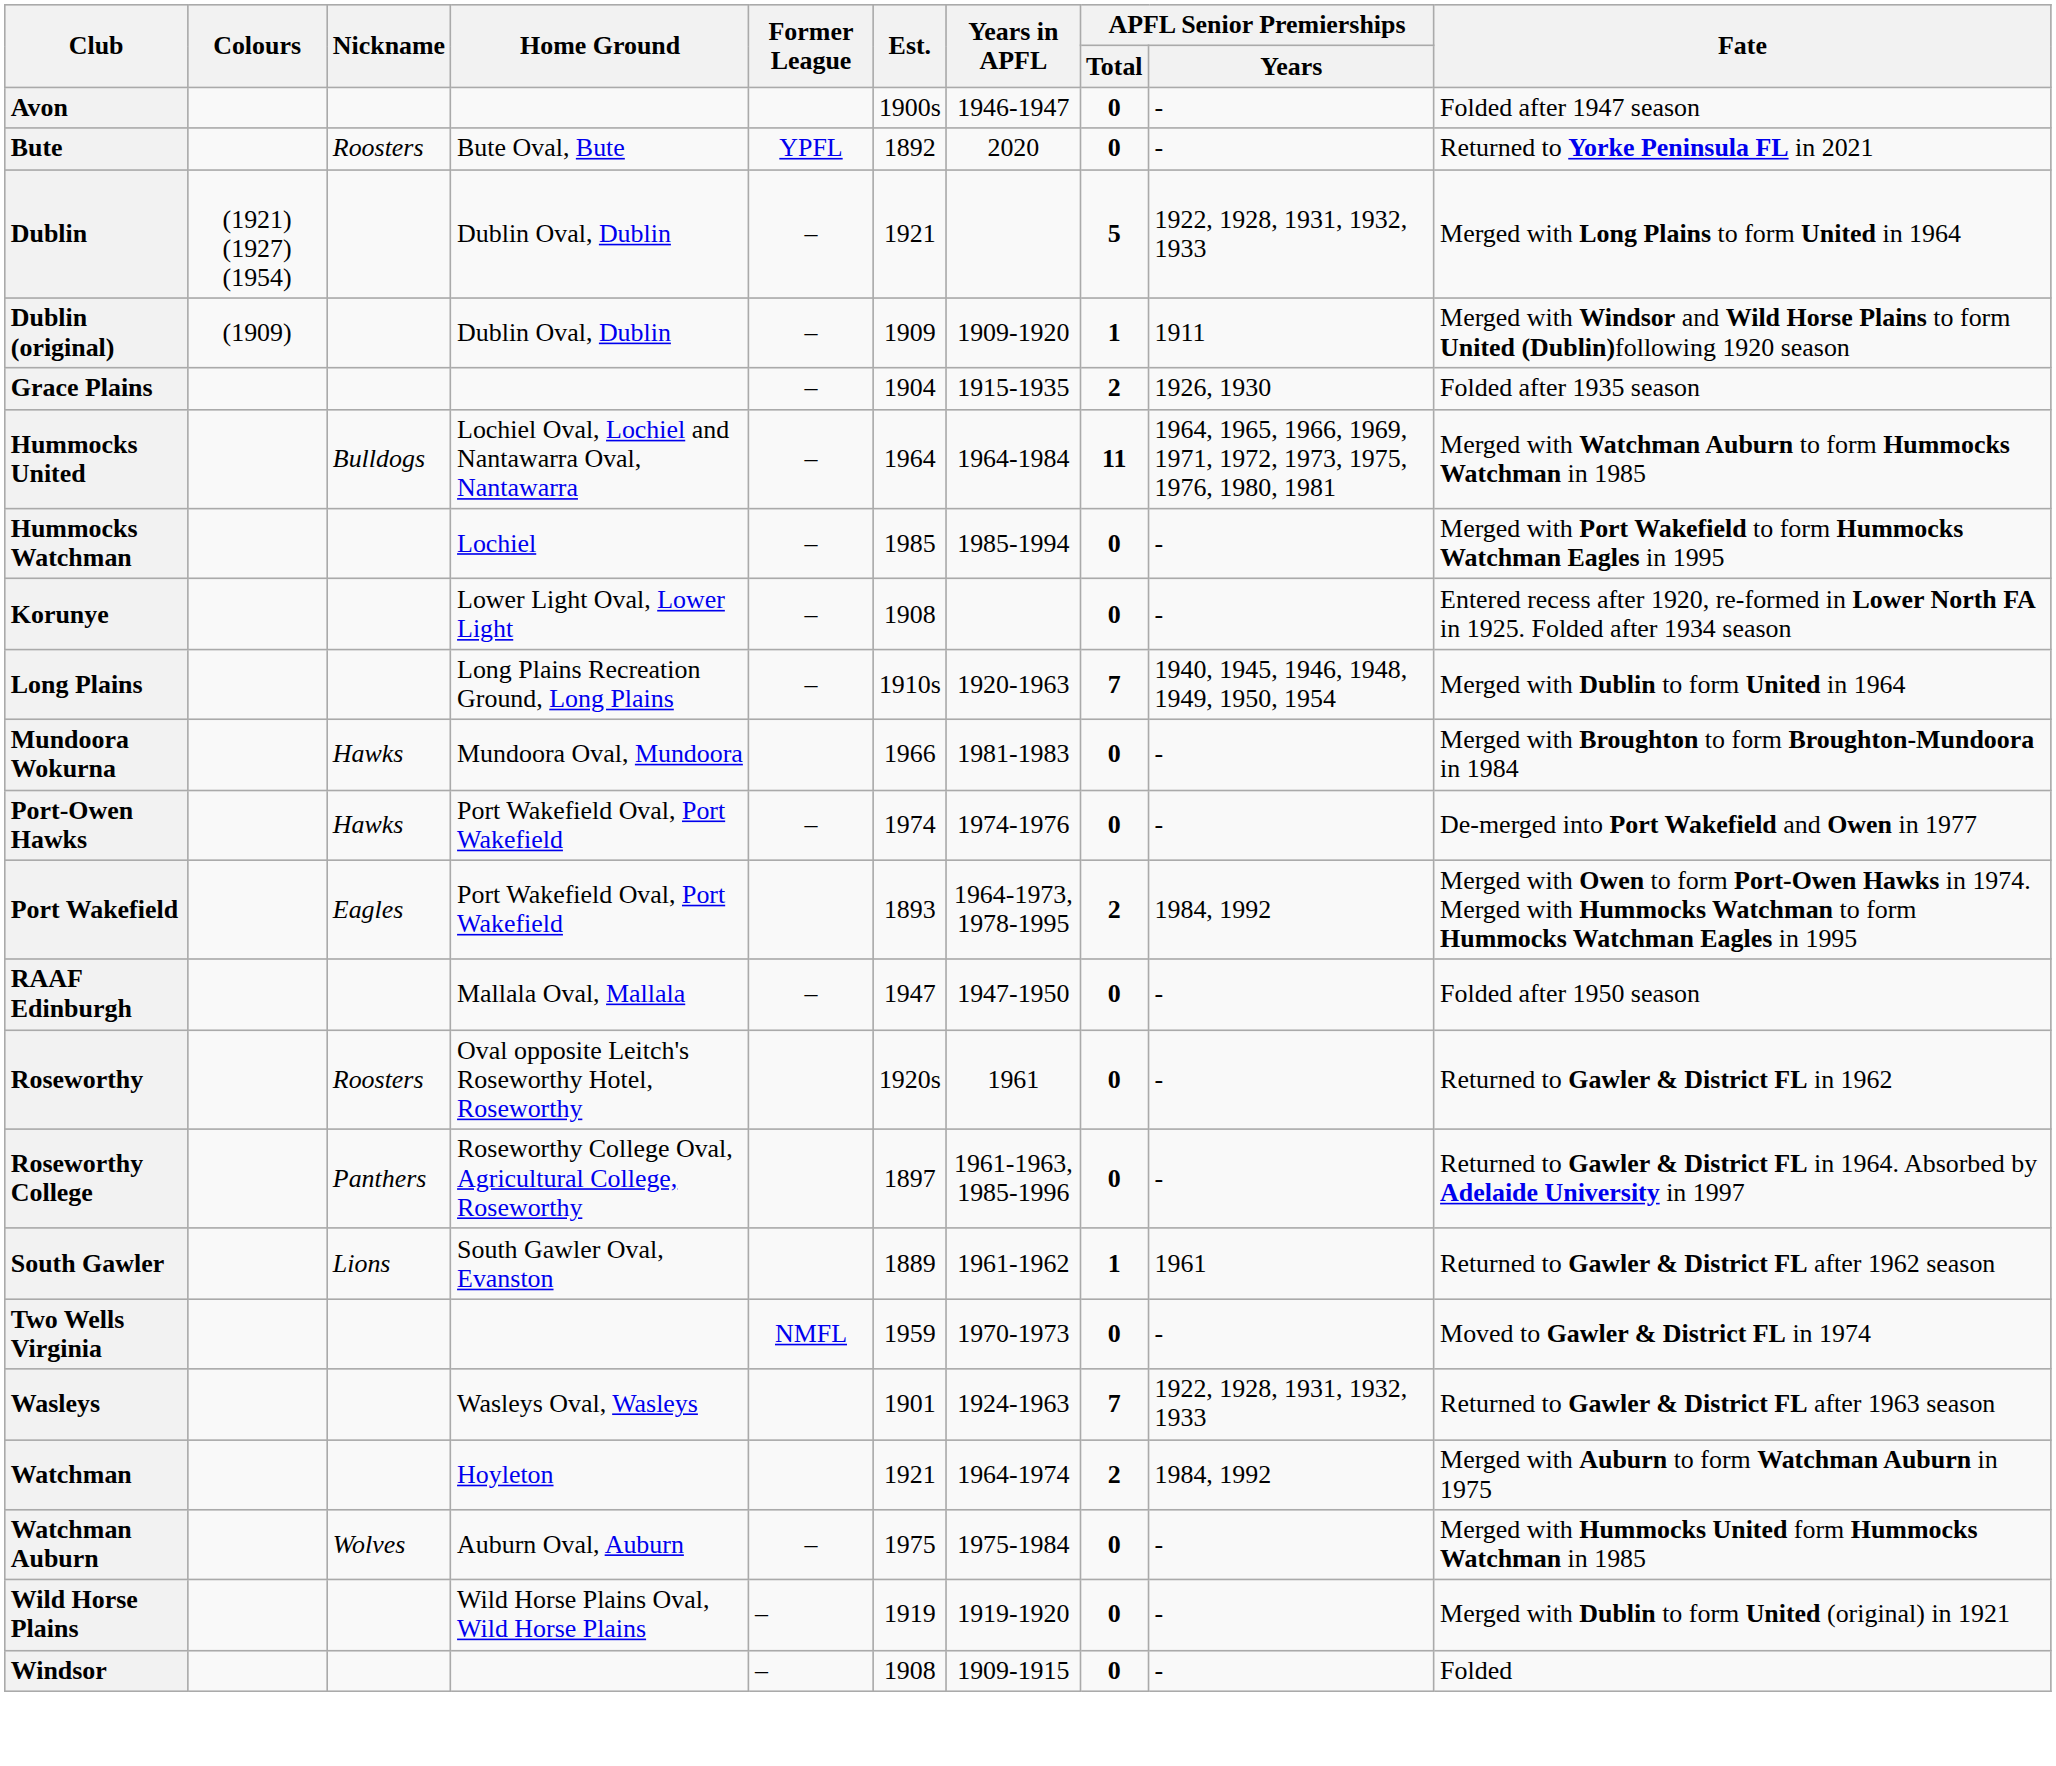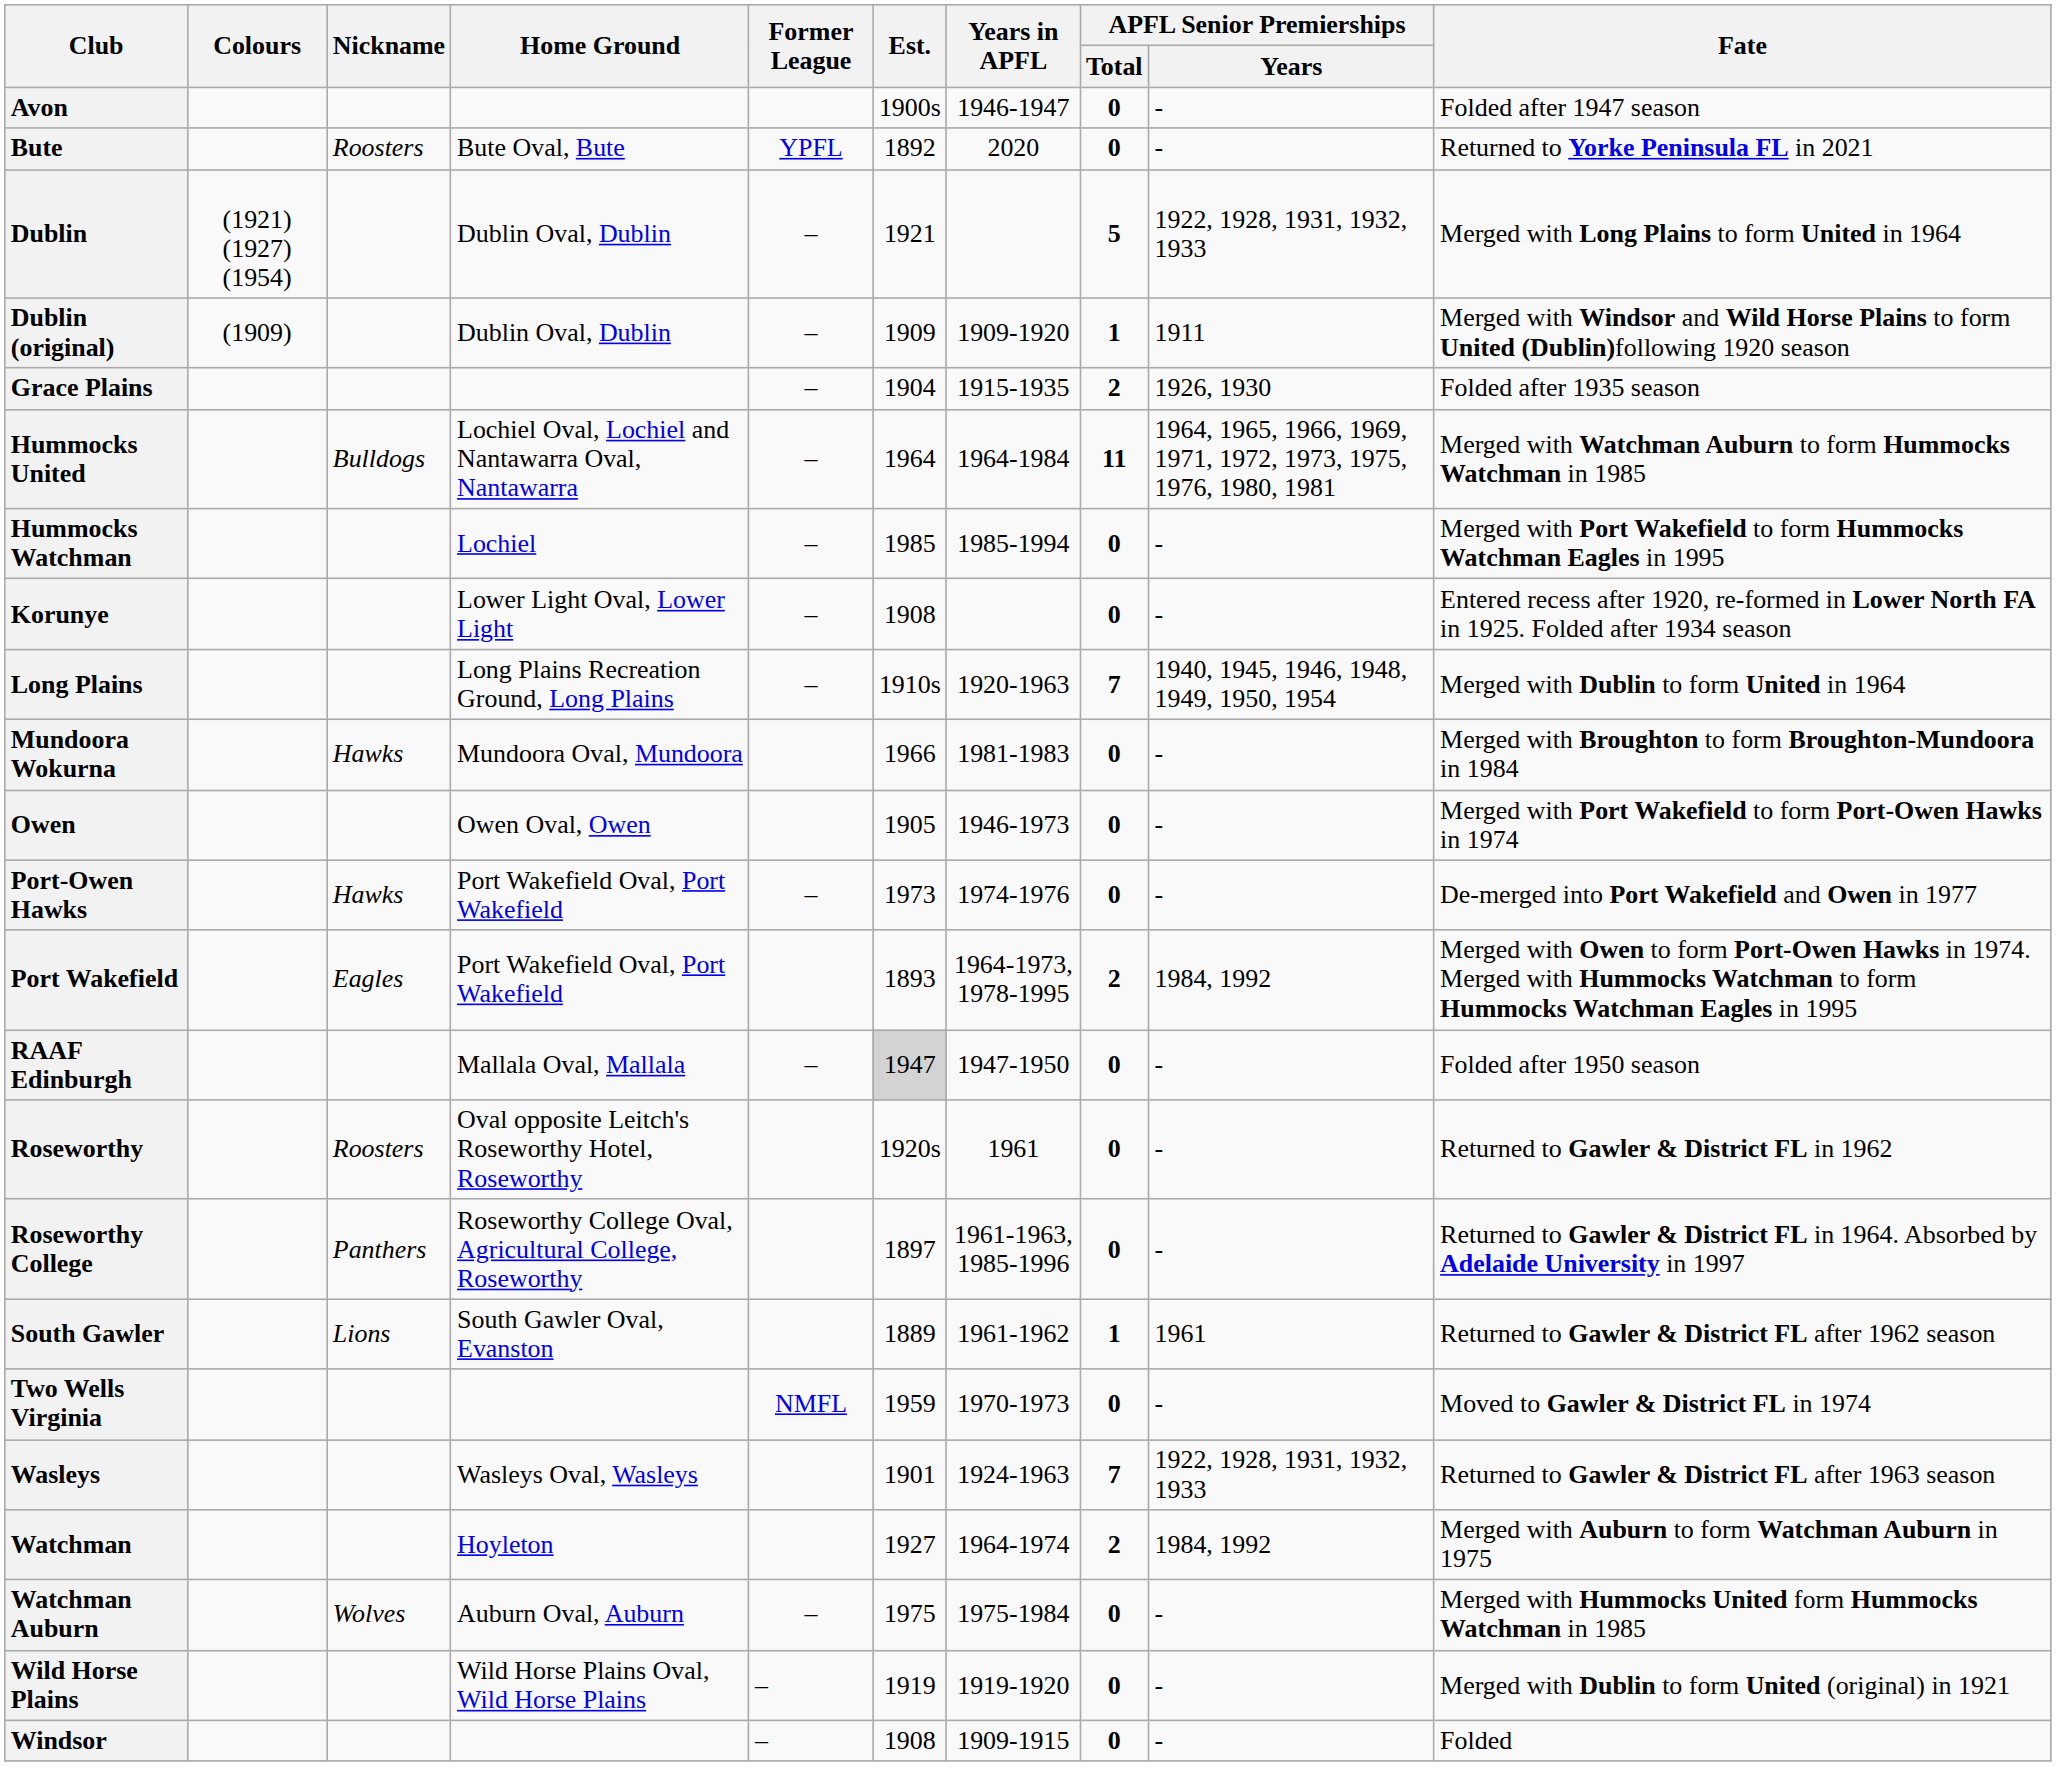 <table class="wikitable sortable" style="width:100%">
 <tr>
 <th rowspan="2">Club</th>
 <th rowspan="2">Colours</th>
 <th rowspan="2">Nickname</th>
 <th rowspan="2">Home Ground</th>
 <th rowspan="2">Former League</th>
 <th rowspan="2">Est.</th>
 <th rowspan="2">Years in APFL</th>
 <th colspan="2">APFL Senior Premierships</th>
 <th rowspan="2">Fate</th>
 </tr>
 <tr>
 <th>Total</th>
 <th>Years</th>
 </tr>
 <tr>
 <th style="text-align:left">Avon</th>
 <td align="center"></td>
 <td></td>
 <td></td>
 <td align="center"></td>
 <td align="center">1900s</td>
 <td align="center">1946-1947</td>
 <td align="center"><strong>0</strong></td>
 <td>-</td>
 <td>Folded after 1947 season</td>
 </tr>
 <tr>
 <th style="text-align:left">Bute</th>
 <td></td>
 <td><em>Roosters</em></td>
 <td>Bute Oval, <a href='#'>Bute</a></td>
 <td align="center"><a href='#'>YPFL</a></td>
 <td align="center">1892</td>
 <td align="center">2020</td>
 <td align="center"><strong>0</strong></td>
 <td>-</td>
 <td>Returned to <a href='#'><strong>Yorke Peninsula FL</strong></a> in 2021</td>
 </tr>
 <tr>
 <th style="text-align:left">Dublin</th>
 <td align="center"><br>(1921)(1927)  (1954)</td>
 <td></td>
 <td>Dublin Oval, <a href='#'>Dublin</a></td>
 <td align="center">–</td>
 <td align="center">1921</td>
 <td align="center"></td>
 <td align="center"><strong>5</strong></td>
 <td>1922, 1928, 1931, 1932, 1933</td>
 <td>Merged with <strong>Long Plains</strong> to form <strong>United</strong> in 1964</td>
 </tr>
 <tr>
 <th style="text-align:left">Dublin (original)</th>
 <td align="center">(1909)</td>
 <td></td>
 <td>Dublin Oval, <a href='#'>Dublin</a></td>
 <td align="center">–</td>
 <td align="center">1909</td>
 <td align="center">1909-1920</td>
 <td align="center"><strong>1</strong></td>
 <td>1911</td>
 <td>Merged with <strong>Windsor</strong> and <strong>Wild Horse Plains</strong> to form <strong>United (Dublin)</strong>following 1920 season</td>
 </tr>
 <tr>
 <th style="text-align:left">Grace Plains</th>
 <td align="center"></td>
 <td></td>
 <td></td>
 <td align="center">–</td>
 <td align="center">1904</td>
 <td align="center">1915-1935</td>
 <td align="center"><strong>2</strong></td>
 <td>1926, 1930</td>
 <td>Folded after 1935 season</td>
 </tr>
 <tr>
 <th style="text-align:left">Hummocks United</th>
 <td></td>
 <td><em>Bulldogs</em></td>
 <td>Lochiel Oval, <a href='#'>Lochiel</a> and Nantawarra Oval, <a href='#'>Nantawarra</a></td>
 <td align="center">–</td>
 <td align="center">1964</td>
 <td align="center">1964-1984</td>
 <td align="center"><strong>11</strong></td>
 <td>1964, 1965, 1966, 1969, 1971, 1972, 1973, 1975, 1976, 1980, 1981</td>
 <td>Merged with <strong>Watchman Auburn</strong> to form <strong>Hummocks Watchman</strong> in 1985</td>
 </tr>
 <tr>
 <th style="text-align:left">Hummocks Watchman</th>
 <td align="center"></td>
 <td></td>
 <td> <a href='#'>Lochiel</a></td>
 <td align="center">–</td>
 <td align="center">1985</td>
 <td align="center">1985-1994</td>
 <td align="center"><strong>0</strong></td>
 <td>-</td>
 <td>Merged with <strong>Port Wakefield</strong> to form <strong>Hummocks Watchman Eagles</strong> in 1995</td>
 </tr>
 <tr>
 <th style="text-align:left">Korunye</th>
 <td align="center"></td>
 <td></td>
 <td>Lower Light Oval, <a href='#'>Lower Light</a></td>
 <td align="center">–</td>
 <td align="center">1908</td>
 <td align="center"></td>
 <td align="center"><strong>0</strong></td>
 <td>-</td>
 <td>Entered recess after 1920, re-formed in <strong>Lower North FA</strong> in 1925. Folded after 1934 season</td>
 </tr>
 <tr>
 <th style="text-align:left">Long Plains</th>
 <td></td>
 <td></td>
 <td>Long Plains Recreation Ground, <a href='#'>Long Plains</a></td>
 <td align="center">–</td>
 <td align="center">1910s</td>
 <td align="center">1920-1963</td>
 <td align="center"><strong>7</strong></td>
 <td>1940, 1945, 1946, 1948, 1949, 1950, 1954</td>
 <td>Merged with <strong>Dublin</strong> to form <strong>United</strong> in 1964</td>
 </tr>
 <tr>
 <th style="text-align:left">Mundoora Wokurna</th>
 <td></td>
 <td><em>Hawks</em></td>
 <td>Mundoora Oval, <a href='#'>Mundoora</a></td>
 <td align="center"></td>
 <td align="center">1966</td>
 <td align="center">1981-1983</td>
 <td align="center"><strong>0</strong></td>
 <td>-</td>
 <td>Merged with <strong>Broughton</strong> to form <strong>Broughton-Mundoora</strong> in 1984</td>
 </tr>
 <tr>
+<th style="text-align:left">Owen</th>
+<td align="center"></td>
+<td></td>
+<td>Owen Oval, <a href='#'>Owen</a></td>
+<td align="center"></td>
+<td align="center">1905</td>
+<td align="center">1946-1973</td>
+<td align="center"><strong>0</strong></td>
+<td>-</td>
+<td>Merged with <strong>Port Wakefield</strong> to form <strong>Port-Owen Hawks</strong> in 1974</td>
+</tr>
+<tr>
 <th style="text-align:left">Port-Owen Hawks</th>
 <td></td>
 <td><em>Hawks</em></td>
 <td>Port Wakefield Oval, <a href='#'>Port Wakefield</a></td>
 <td align="center">–</td>
-<td align="center">1974</td>
+<td align="center">1973</td>
 <td align="center">1974-1976</td>
 <td align="center"><strong>0</strong></td>
 <td>-</td>
 <td>De-merged into <strong>Port Wakefield</strong> and <strong>Owen</strong> in 1977</td>
 </tr>
 <tr>
 <th style="text-align:left">Port Wakefield</th>
 <td></td>
 <td><em>Eagles</em></td>
 <td>Port Wakefield Oval, <a href='#'>Port Wakefield</a></td>
 <td align="center"></td>
 <td align="center">1893</td>
 <td align="center">1964-1973, 1978-1995</td>
 <td align="center"><strong>2</strong></td>
 <td>1984, 1992</td>
 <td>Merged with <strong>Owen</strong> to form <strong>Port-Owen Hawks</strong> in 1974. Merged with <strong>Hummocks Watchman</strong> to form <strong>Hummocks Watchman Eagles</strong> in 1995</td>
 </tr>
 <tr>
 <th style="text-align:left">RAAF Edinburgh</th>
 <td align="center"></td>
 <td></td>
 <td>Mallala Oval, <a href='#'>Mallala</a></td>
 <td align="center">–</td>
-<td align="center">1947</td>
+<td align="center" style="background: lightgrey;">1947</td>
 <td align="center">1947-1950</td>
 <td align="center"><strong>0</strong></td>
 <td>-</td>
 <td>Folded after 1950 season</td>
 </tr>
 <tr>
 <th style="text-align:left">Roseworthy</th>
 <td></td>
 <td><em>Roosters</em></td>
 <td>Oval opposite Leitch's Roseworthy Hotel, <a href='#'>Roseworthy</a></td>
 <td align="center"></td>
 <td align="center">1920s</td>
 <td align="center">1961</td>
 <td align="center"><strong>0</strong></td>
 <td>-</td>
 <td>Returned to <strong>Gawler & District FL</strong> in 1962</td>
 </tr>
 <tr>
 <th style="text-align:left">Roseworthy College</th>
 <td></td>
 <td><em>Panthers</em></td>
 <td>Roseworthy College Oval, <a href='#'>Agricultural College, Roseworthy</a></td>
 <td align="center"></td>
 <td align="center">1897</td>
 <td align="center">1961-1963, 1985-1996</td>
 <td align="center"><strong>0</strong></td>
 <td>-</td>
 <td>Returned to <strong>Gawler & District FL</strong> in 1964. Absorbed by <strong><a href='#'>Adelaide University</a></strong> in 1997</td>
 </tr>
 <tr>
 <th style="text-align:left">South Gawler</th>
 <td></td>
 <td><em>Lions</em></td>
 <td>South Gawler Oval, <a href='#'>Evanston</a></td>
 <td align="center"></td>
 <td align="center">1889</td>
 <td align="center">1961-1962</td>
 <td align="center"><strong>1</strong></td>
 <td>1961</td>
 <td>Returned to <strong>Gawler & District FL</strong> after 1962 season</td>
 </tr>
 <tr>
 <th style="text-align:left">Two Wells Virginia</th>
 <td align="center"></td>
 <td></td>
 <td></td>
 <td align="center"><a href='#'>NMFL</a></td>
 <td align="center">1959</td>
 <td align="center">1970-1973</td>
 <td align="center"><strong>0</strong></td>
 <td>-</td>
 <td>Moved to <strong>Gawler & District FL</strong> in 1974</td>
 </tr>
 <tr>
 <th style="text-align:left">Wasleys</th>
 <td align="center"></td>
 <td></td>
 <td>Wasleys Oval, <a href='#'>Wasleys</a></td>
 <td align="center"></td>
 <td align="center">1901</td>
 <td align="center">1924-1963</td>
 <td align="center"><strong>7</strong></td>
 <td>1922, 1928, 1931, 1932, 1933</td>
 <td>Returned to <strong>Gawler & District FL</strong> after 1963 season</td>
 </tr>
 <tr>
 <th style="text-align:left">Watchman</th>
 <td align="center"></td>
 <td></td>
 <td> <a href='#'>Hoyleton</a></td>
 <td align="center"></td>
-<td align="center">1921</td>
+<td align="center">1927</td>
 <td align="center">1964-1974</td>
 <td align="center"><strong>2</strong></td>
 <td>1984, 1992</td>
 <td>Merged with <strong>Auburn</strong> to form <strong>Watchman Auburn</strong> in 1975</td>
 </tr>
 <tr>
 <th style="text-align:left">Watchman Auburn</th>
 <td align="center"></td>
 <td><em>Wolves</em></td>
 <td>Auburn Oval, <a href='#'>Auburn</a></td>
 <td align="center">–</td>
 <td align="center">1975</td>
 <td align="center">1975-1984</td>
 <td align="center"><strong>0</strong></td>
 <td>-</td>
 <td>Merged with <strong>Hummocks United</strong> form <strong>Hummocks Watchman</strong> in 1985</td>
 </tr>
 <tr>
 <th style="text-align:left">Wild Horse Plains</th>
 <td></td>
 <td></td>
 <td>Wild Horse Plains Oval, <a href='#'>Wild Horse Plains</a></td>
 <td>–</td>
 <td align="center">1919</td>
 <td align="center">1919-1920</td>
 <td align="center"><strong>0</strong></td>
 <td>-</td>
 <td>Merged with <strong>Dublin</strong> to form <strong>United</strong> (original) in 1921</td>
 </tr>
 <tr>
 <th style="text-align:left">Windsor</th>
 <td></td>
 <td></td>
 <td></td>
 <td>–</td>
 <td align="center">1908</td>
 <td align="center">1909-1915</td>
 <td align="center"><strong>0</strong></td>
 <td>-</td>
 <td>Folded</td>
 </tr>
 </table>
